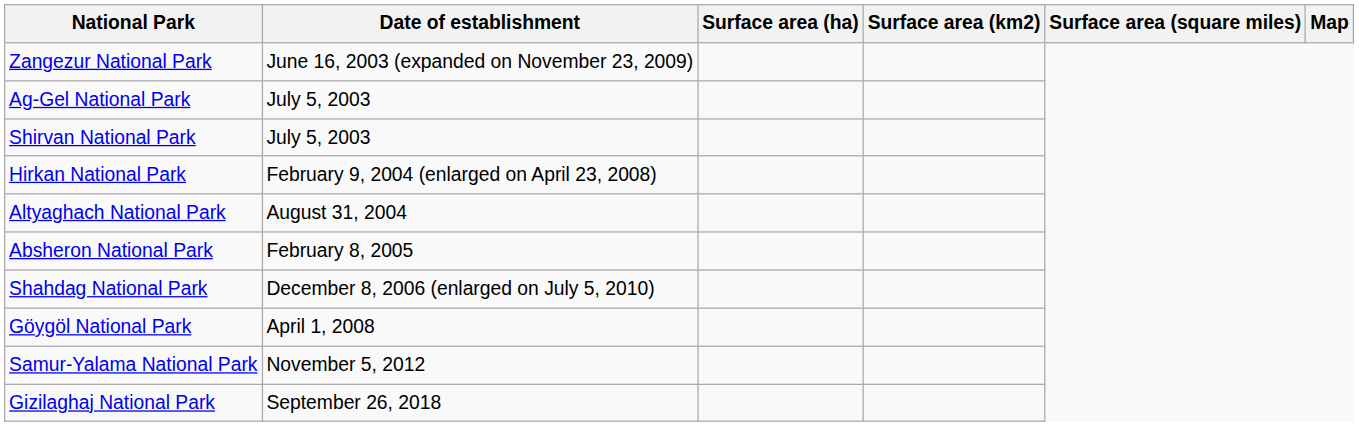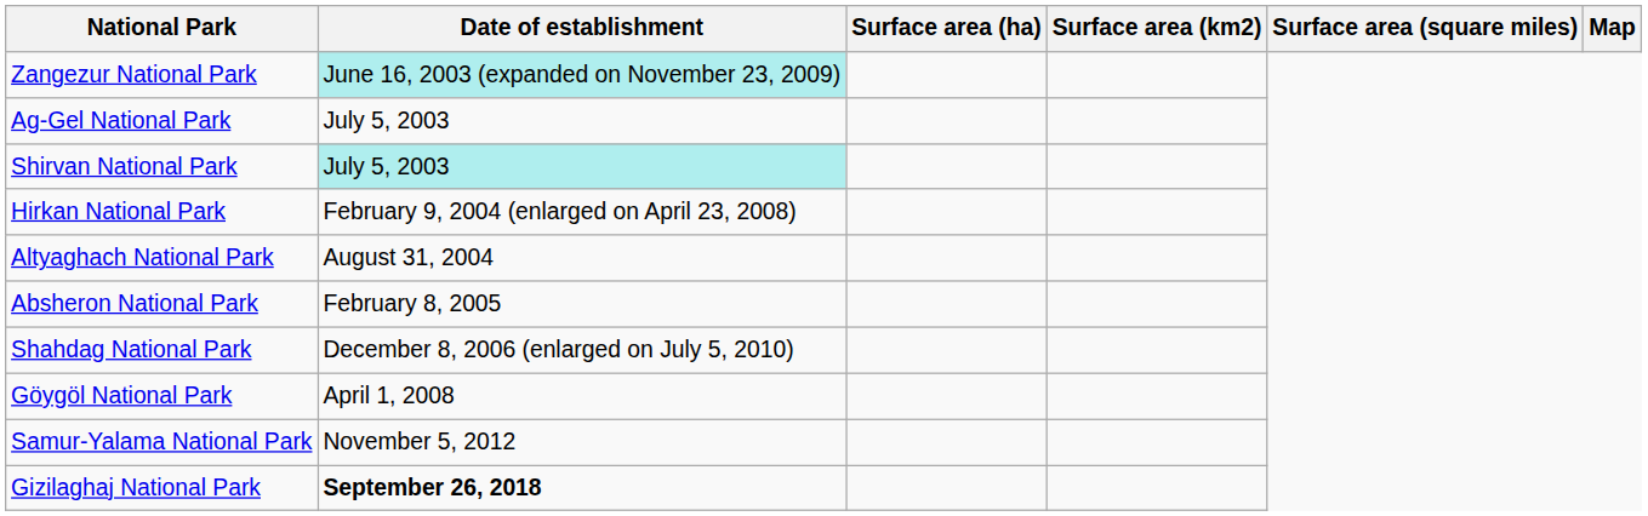 <table class="wikitable sortable" style="font-size:95%;border:0px;text-align:left;line-height:150%;">
 <tr>
 <th>National Park</th>
 <th>Date of establishment</th>
 <th>Surface area (ha)</th>
 <th>Surface area (km2)</th>
 <th>Surface area (square miles)</th>
 <th class="unsortable">Map</th>
 </tr>
 <tr>
 <td><a href='#'>Zangezur National Park</a></td>
-<td>June 16, 2003 (expanded on November 23, 2009)</td>
+<td style="background: paleturquoise;">June 16, 2003 (expanded on November 23, 2009)</td>
 <td></td>
 <td align="center" style="padding:0"></td>
 </tr>
 <tr>
 <td><a href='#'>Ag-Gel National Park</a></td>
 <td>July 5, 2003</td>
 <td></td>
 <td align="center" style="padding:0"></td>
 </tr>
 <tr>
 <td><a href='#'>Shirvan National Park</a></td>
-<td>July 5, 2003</td>
+<td style="background: paleturquoise;">July 5, 2003</td>
 <td></td>
 <td align="center" style="padding:0"></td>
 </tr>
 <tr>
 <td><a href='#'>Hirkan National Park</a></td>
 <td>February 9, 2004 (enlarged on April 23, 2008)</td>
 <td></td>
 <td align="center" style="padding:0"></td>
 </tr>
 <tr>
 <td><a href='#'>Altyaghach National Park</a></td>
 <td>August 31, 2004</td>
 <td></td>
 <td align="center" style="padding:0"></td>
 </tr>
 <tr>
 <td><a href='#'>Absheron National Park</a></td>
 <td>February 8, 2005</td>
 <td></td>
 <td align="center" style="padding:0"></td>
 </tr>
 <tr>
 <td><a href='#'>Shahdag National Park</a></td>
 <td>December 8, 2006 (enlarged on July 5, 2010)</td>
 <td></td>
 <td align="center" style="padding:0"></td>
 </tr>
 <tr>
 <td><a href='#'>Göygöl National Park</a></td>
 <td>April 1, 2008</td>
 <td></td>
 <td align="center" style="padding:0"></td>
 </tr>
 <tr>
 <td><a href='#'>Samur-Yalama National Park</a></td>
 <td>November 5, 2012</td>
 <td></td>
 <td align="center" style="padding:0"></td>
 </tr>
 <tr>
 <td><a href='#'>Gizilaghaj National Park</a></td>
-<td>September 26, 2018</td>
+<td><strong>September 26, 2018</strong></td>
 <td></td>
 <td align="center" style="padding:0"></td>
 </tr>
 </table>
